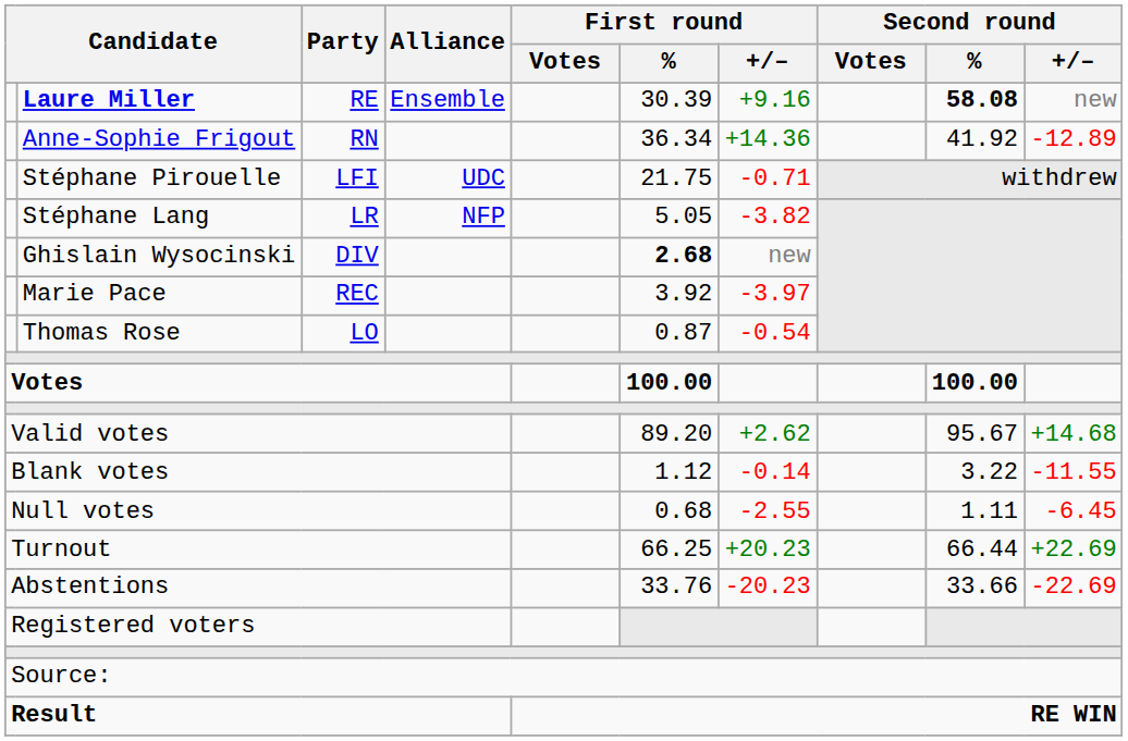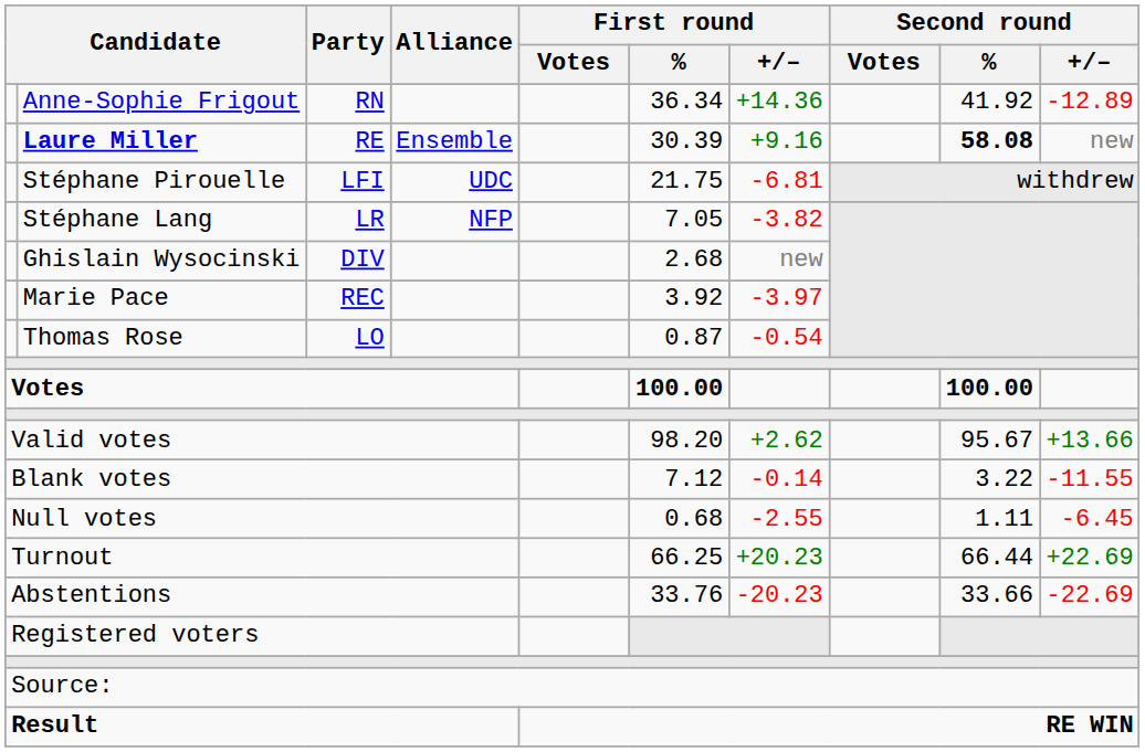 <table class="wikitable" style="text-align:right;font-size:95%;">
 <tr>
 <th rowspan="2" colspan="2">Candidate</th>
 <th colspan="1" rowspan="2">Party</th>
 <th colspan="1" rowspan="2">Alliance</th>
 <th colspan="3">First round</th>
 <th colspan="3">Second round</th>
 </tr>
 <tr>
 <th style="width:50px;">Votes</th>
 <th style="width:45px;">%</th>
 <th style="width:45px;">+/–</th>
 <th style="width:50px;">Votes</th>
 <th style="width:45px;">%</th>
 <th style="width:45px;">+/–</th>
 </tr>
 <tr>
 <td style="background:"></td>
+<td style="text-align:left;"><a href='#'>Anne-Sophie Frigout</a></td>
+<td><a href='#'>RN</a></td>
+<td></td>
+<td></td>
+<td>36.34</td>
+<td style="color:green;">+14.36</td>
+<td></td>
+<td>41.92</td>
+<td style="color:red;">-12.89</td>
+</tr>
+<tr>
+<td style="background:"></td>
 <td style="text-align:left;"><strong><a href='#'>Laure Miller</a></strong></td>
 <td><a href='#'>RE</a></td>
 <td><a href='#'>Ensemble</a></td>
 <td></td>
 <td>30.39</td>
 <td style="color:green;">+9.16</td>
 <td><strong></strong></td>
 <td><strong>58.08</strong></td>
 <td style="color:grey;">new</td>
 </tr>
 <tr>
 <td style="background:"></td>
-<td style="text-align:left;"><a href='#'>Anne-Sophie Frigout</a></td>
-<td><a href='#'>RN</a></td>
-<td></td>
-<td></td>
-<td>36.34</td>
-<td style="color:green;">+14.36</td>
-<td></td>
-<td>41.92</td>
-<td style="color:red;">-12.89</td>
-</tr>
-<tr>
-<td style="background:"></td>
 <td style="text-align:left;">Stéphane Pirouelle</td>
 <td><a href='#'>LFI</a></td>
 <td><a href='#'>UDC</a></td>
 <td></td>
 <td>21.75</td>
-<td style="color:red;">-0.71</td>
+<td style="color:red;">-6.81</td>
 <td colspan="3" style="background:#E9E9E9;">withdrew</td>
 </tr>
 <tr>
 <td style="background:"></td>
 <td style="text-align:left;">Stéphane Lang</td>
 <td><a href='#'>LR</a></td>
 <td><a href='#'>NFP</a></td>
 <td></td>
-<td>5.05</td>
+<td>7.05</td>
 <td style="color:red;">-3.82</td>
 <td colspan="3" rowspan="4" style="background:#E9E9E9;"></td>
 </tr>
 <tr>
 <td style="background:"></td>
 <td style="text-align:left;">Ghislain Wysocinski</td>
 <td><a href='#'>DIV</a></td>
 <td></td>
 <td></td>
-<td><strong>2.68</strong></td>
+<td>2.68</td>
 <td style="color:grey;">new</td>
 </tr>
 <tr>
 <td style="background:"></td>
 <td style="text-align:left;">Marie Pace</td>
 <td><a href='#'>REC</a></td>
 <td></td>
 <td></td>
 <td>3.92</td>
 <td style="color:red;">-3.97</td>
 </tr>
 <tr>
 <td style="background:"></td>
 <td style="text-align:left;">Thomas Rose</td>
 <td><a href='#'>LO</a></td>
 <td></td>
 <td></td>
 <td>0.87</td>
 <td style="color:red;">-0.54</td>
 </tr>
 <tr>
 <td colspan="10" style="background:#E9E9E9;"></td>
 </tr>
 <tr style="font-weight:bold;">
 <td colspan="4" style="text-align:left;">Votes</td>
 <td></td>
 <td>100.00</td>
 <td></td>
 <td></td>
 <td>100.00</td>
 <td></td>
 </tr>
 <tr>
 <td colspan="10" style="background:#E9E9E9;"></td>
 </tr>
 <tr>
 <td colspan="4" style="text-align:left;">Valid votes</td>
 <td></td>
-<td>89.20</td>
+<td>98.20</td>
 <td style="color:green;">+2.62</td>
 <td></td>
 <td>95.67</td>
-<td style="color:green;">+14.68</td>
+<td style="color:green;">+13.66</td>
 </tr>
 <tr>
 <td colspan="4" style="text-align:left;">Blank votes</td>
 <td></td>
-<td>1.12</td>
+<td>7.12</td>
 <td style="color:red;">-0.14</td>
 <td></td>
 <td>3.22</td>
 <td style="color:red;">-11.55</td>
 </tr>
 <tr>
 <td colspan="4" style="text-align:left;">Null votes</td>
 <td></td>
 <td>0.68</td>
 <td style="color:red;">-2.55</td>
 <td></td>
 <td>1.11</td>
 <td style="color:red;">-6.45</td>
 </tr>
 <tr>
 <td colspan="4" style="text-align:left;">Turnout</td>
 <td></td>
 <td>66.25</td>
 <td style="color:green;">+20.23</td>
 <td></td>
 <td>66.44</td>
 <td style="color:green;">+22.69</td>
 </tr>
 <tr>
 <td colspan="4" style="text-align:left;">Abstentions</td>
 <td></td>
 <td>33.76</td>
 <td style="color:red;">-20.23</td>
 <td></td>
 <td>33.66</td>
 <td style="color:red;">-22.69</td>
 </tr>
 <tr>
 <td colspan="4" style="text-align:left;">Registered voters</td>
 <td></td>
 <td colspan="2" style="background:#E9E9E9;"></td>
 <td></td>
 <td colspan="2" style="background:#E9E9E9;"></td>
 </tr>
 <tr>
 <td colspan="10" style="background:#E9E9E9;"></td>
 </tr>
 <tr>
 <td colspan="10" style="text-align:left;">Source: </td>
 </tr>
 <tr style="font-weight:bold">
 <td colspan="4" style="text-align:left;">Result</td>
 <td colspan="6" style="background-color:">RE WIN</td>
 </tr>
 </table>
